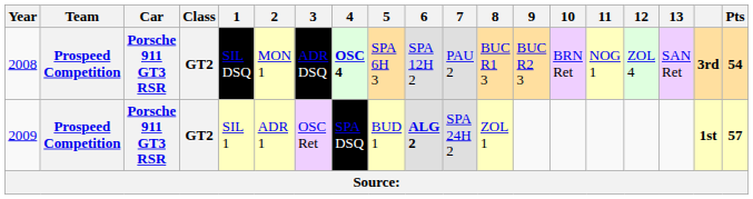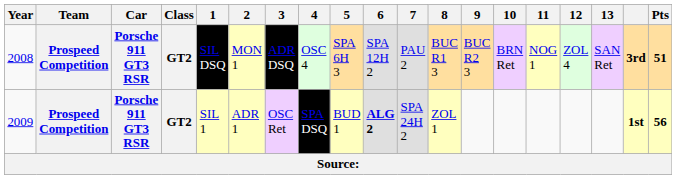 <table class="wikitable">
 <tr>
 <th>Year</th>
 <th>Team</th>
 <th>Car</th>
 <th>Class</th>
 <th>1</th>
 <th>2</th>
 <th>3</th>
 <th>4</th>
 <th>5</th>
 <th>6</th>
 <th>7</th>
 <th>8</th>
 <th>9</th>
 <th>10</th>
 <th>11</th>
 <th>12</th>
 <th>13</th>
 <th></th>
 <th>Pts</th>
 </tr>
 <tr>
 <td><a href='#'>2008</a></td>
 <th><a href='#'>Prospeed Competition</a></th>
 <th><a href='#'>Porsche 911 GT3 RSR</a></th>
 <th>GT2</th>
 <td style="background:#000000;color:white"><a href='#'>SIL</a><br>DSQ</td>
 <td style="background:#FFFFBF;”"><a href='#'>MON</a><br>1</td>
 <td style="background:#000000;color:white"><a href='#'>ADR</a><br>DSQ</td>
-<td style="background:#DFFFDF;"><strong><a href='#'>OSC</a><br>4</strong></td>
+<td style="background:#DFFFDF;"><a href='#'>OSC</a><br>4</td>
 <td style="background:#FFDF9F;”"><a href='#'>SPA<br>6H</a><br>3</td>
 <td style="background:#DFDFDF;"><a href='#'>SPA<br>12H</a><br>2</td>
 <td style="background:#DFDFDF;"><a href='#'>PAU</a><br>2</td>
 <td style="background:#FFDF9F;”"><a href='#'>BUC<br>R1</a><br>3</td>
 <td style="background:#FFDF9F;”"><a href='#'>BUC<br>R2</a><br>3</td>
 <td style="background:#EFCFFF;"><a href='#'>BRN</a><br>Ret</td>
 <td style="background:#FFFFBF;”"><a href='#'>NOG</a><br>1</td>
 <td style="background:#DFFFDF;"><a href='#'>ZOL</a><br>4</td>
 <td style="background:#EFCFFF;"><a href='#'>SAN</a><br>Ret</td>
 <th style="background:#FFDF9F;”">3rd</th>
-<th style="background:#FFDF9F;”">54</th>
+<th style="background:#FFDF9F;”">51</th>
 </tr>
 <tr>
 <td><a href='#'>2009</a></td>
 <th><a href='#'>Prospeed Competition</a></th>
 <th><a href='#'>Porsche 911 GT3 RSR</a></th>
 <th>GT2</th>
 <td style="background:#FFFFBF;”"><a href='#'>SIL</a><br>1</td>
 <td style="background:#FFFFBF;”"><a href='#'>ADR</a><br>1</td>
 <td style="background:#EFCFFF;"><a href='#'>OSC</a><br>Ret</td>
 <td style="background:#000000;color:white"><a href='#'>SPA</a><br>DSQ</td>
 <td style="background:#FFFFBF;”"><a href='#'>BUD</a><br>1</td>
 <td style="background:#DFDFDF;"><strong><a href='#'>ALG</a><br>2</strong></td>
 <td style="background:#DFDFDF;"><a href='#'>SPA<br>24H</a><br>2</td>
 <td style="background:#FFFFBF;”"><a href='#'>ZOL</a><br>1</td>
 <td></td>
 <td></td>
 <td></td>
 <td></td>
 <td></td>
 <th style="background:#FFFFBF;”">1st</th>
-<th style="background:#FFFFBF;”">57</th>
+<th style="background:#FFFFBF;”">56</th>
 </tr>
 <tr>
 <th colspan="19">Source:</th>
 </tr>
 </table>
